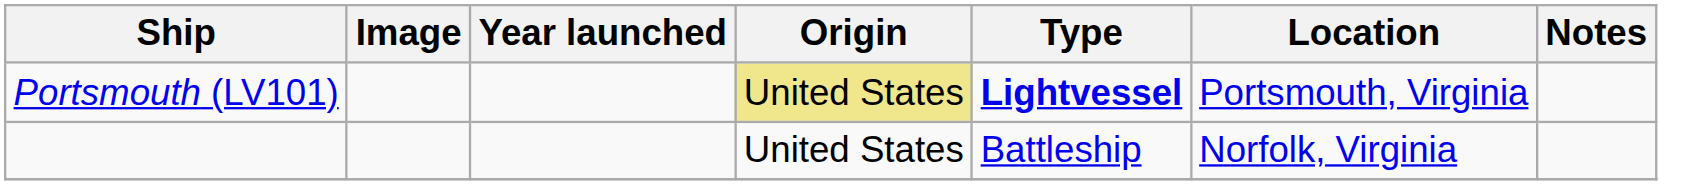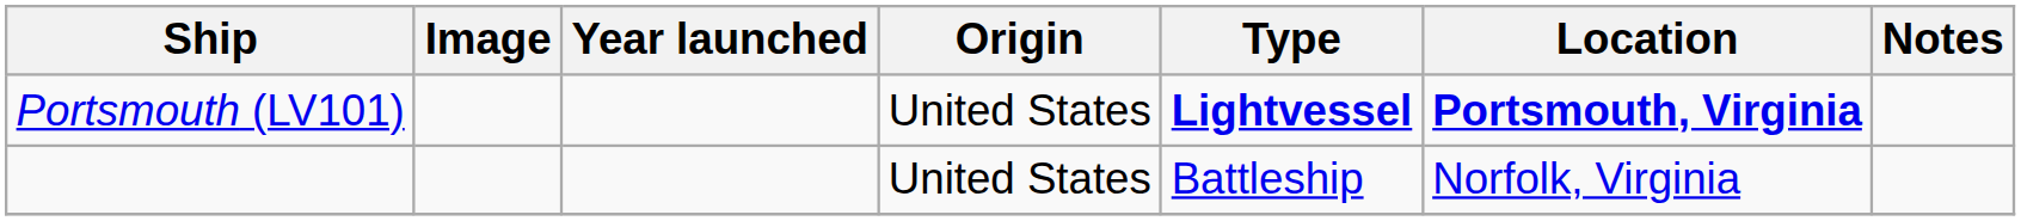 <table class="wikitable sortable">
 <tr>
 <th>Ship</th>
 <th>Image</th>
 <th>Year launched</th>
 <th>Origin</th>
 <th>Type</th>
 <th>Location</th>
 <th>Notes</th>
 </tr>
 <tr>
 <td><a href='#'><em>Portsmouth</em> (LV101)</a></td>
 <td></td>
 <td></td>
-<td style="background: khaki;"> United States</td>
+<td> United States</td>
 <td><strong><a href='#'>Lightvessel</a></strong></td>
-<td><a href='#'>Portsmouth, Virginia</a></td>
+<td><strong><a href='#'>Portsmouth, Virginia</a></strong></td>
 <td></td>
 </tr>
 <tr>
 <td data-sort-value=Wisconsin></td>
 <td></td>
 <td></td>
 <td> United States</td>
 <td><a href='#'>Battleship</a></td>
 <td><a href='#'>Norfolk, Virginia</a><br></td>
 <td></td>
 </tr>
 <tr>
 </tr>
 </table>
